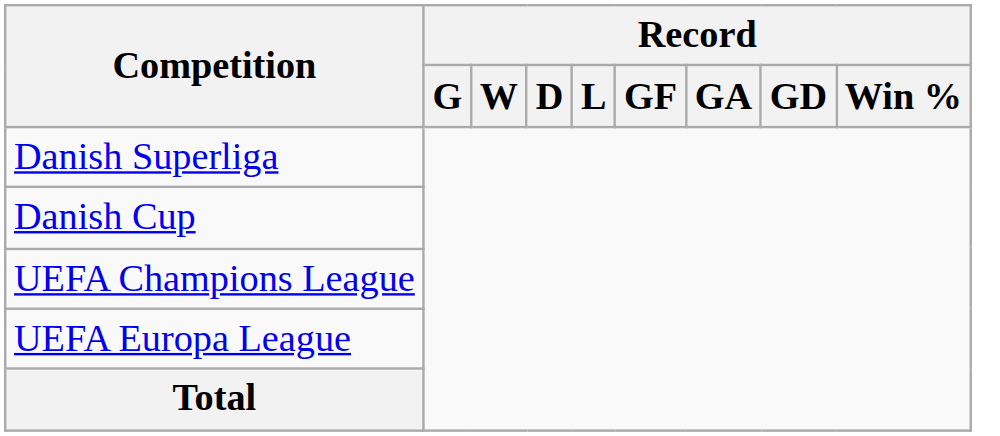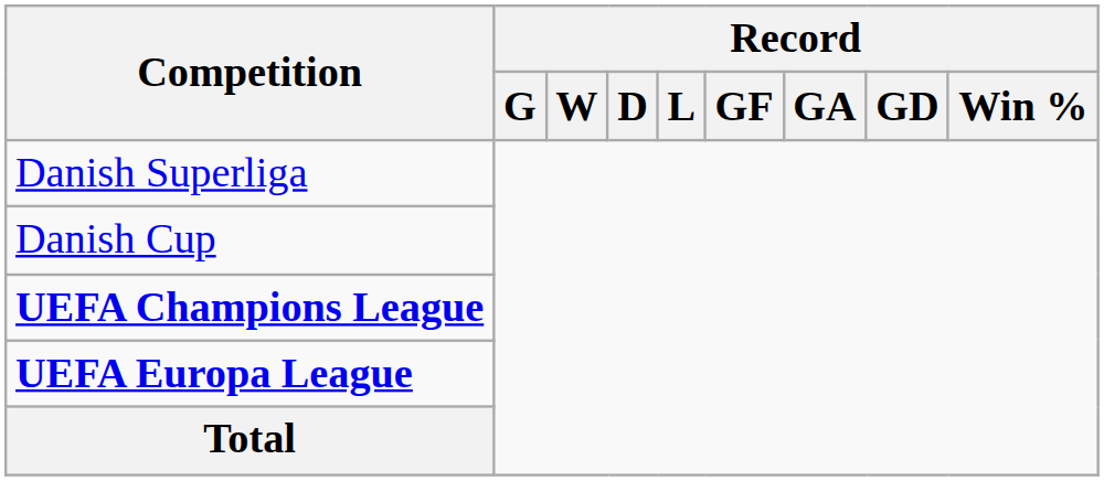 <table class="wikitable" style="text-align: center">
 <tr>
 <th rowspan="2">Competition</th>
 <th colspan="9">Record</th>
 </tr>
 <tr>
 <th>G</th>
 <th>W</th>
 <th>D</th>
 <th>L</th>
 <th>GF</th>
 <th>GA</th>
 <th>GD</th>
 <th>Win %</th>
 </tr>
 <tr>
 <td style="text-align: left"><a href='#'>Danish Superliga</a><br></td>
 </tr>
 <tr>
 <td style="text-align: left"><a href='#'>Danish Cup</a><br></td>
 </tr>
 <tr>
-<td style="text-align: left"><a href='#'>UEFA Champions League</a><br></td>
+<td style="text-align: left"><strong><a href='#'>UEFA Champions League</a><br></strong></td>
 </tr>
 <tr>
-<td style="text-align: left"><a href='#'>UEFA Europa League</a><br></td>
+<td style="text-align: left"><strong><a href='#'>UEFA Europa League</a><br></strong></td>
 </tr>
 <tr>
 <th>Total<br></th>
 </tr>
 </table>
